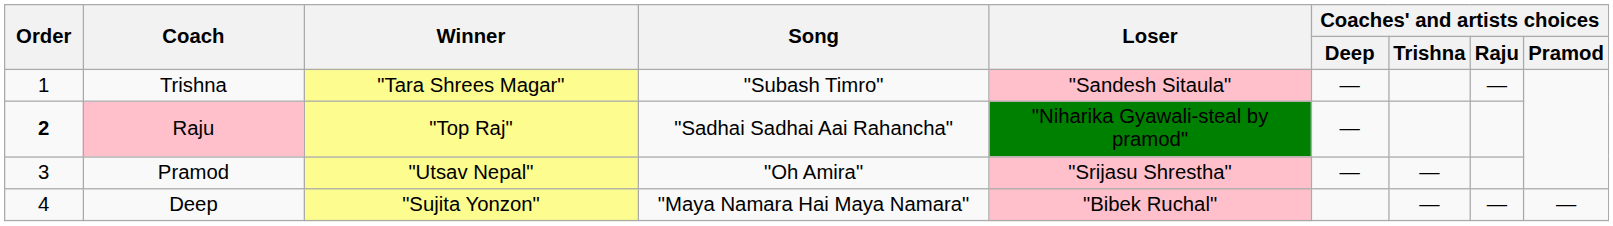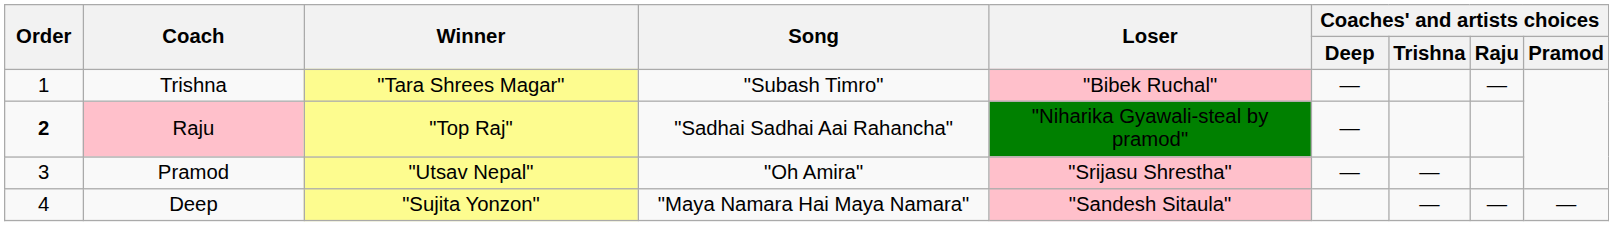 <table class="wikitable plainrowheaders" style="text-align:center; width:100%;">
 <tr>
 <th scope="col" style="width:05%;" rowspan="2">Order</th>
 <th scope="col" style="width:15%;" rowspan="2">Coach</th>
 <th scope="col" style="width:23%;" rowspan="2">Winner</th>
 <th scope="col" style="width:24%;" rowspan="2">Song</th>
 <th scope="col" style="width:22%;" rowspan="2">Loser</th>
 <th scope="col" style="width:20%;" colspan="4">Coaches' and artists choices</th>
 </tr>
 <tr>
 <th scope="col" style="width:05%;">Deep</th>
 <th scope="col" style="width:05%;">Trishna</th>
 <th scope="col" style="width:05%;">Raju</th>
 <th scope="col" style="width:05%;">Pramod</th>
 </tr>
 <tr>
 <td scope="row">1</td>
 <td>Trishna</td>
 <td style="background:#fdfc8f;text-align:center;">"Tara Shrees Magar"</td>
 <td>"Subash Timro"</td>
-<td style="background:pink;text-align:center;">"Sandesh Sitaula"</td>
+<td style="background:pink;text-align:center;">"Bibek Ruchal"</td>
 <td>—</td>
 <td></td>
 <td>—</td>
 </tr>
 <tr>
 <td scope="row"><strong>2</strong></td>
 <td style="background: pink;">Raju</td>
 <td style="background:#fdfc8f;text-align:center;">"Top Raj"</td>
 <td>"Sadhai Sadhai Aai Rahancha"</td>
 <td style="background:green;text-align:center;">"Niharika Gyawali-steal by pramod"</td>
 <td>—</td>
 <td></td>
 <td></td>
 </tr>
 <tr>
 <td scope="row">3</td>
 <td>Pramod</td>
 <td style="background:#fdfc8f;text-align:center;">"Utsav Nepal"</td>
 <td>"Oh Amira"</td>
 <td style="background:pink;text-align:center;">"Srijasu Shrestha"</td>
 <td>—</td>
 <td>—</td>
 <td></td>
 </tr>
 <tr>
 <td scope="row">4</td>
 <td>Deep</td>
 <td style="background:#fdfc8f;text-align:center;">"Sujita Yonzon"</td>
 <td>"Maya Namara Hai Maya Namara"</td>
-<td style="background:pink;text-align:center;">"Bibek Ruchal"</td>
+<td style="background:pink;text-align:center;">"Sandesh Sitaula"</td>
 <td></td>
 <td>—</td>
 <td>—</td>
 <td>—</td>
 </tr>
 </table>
